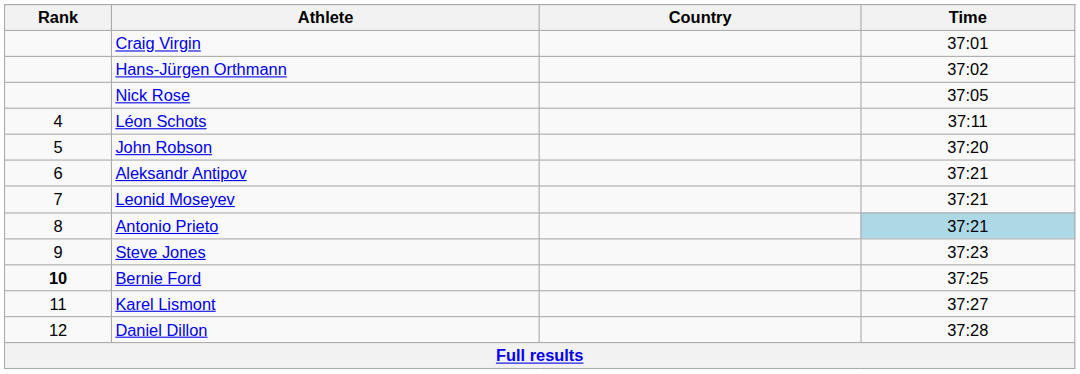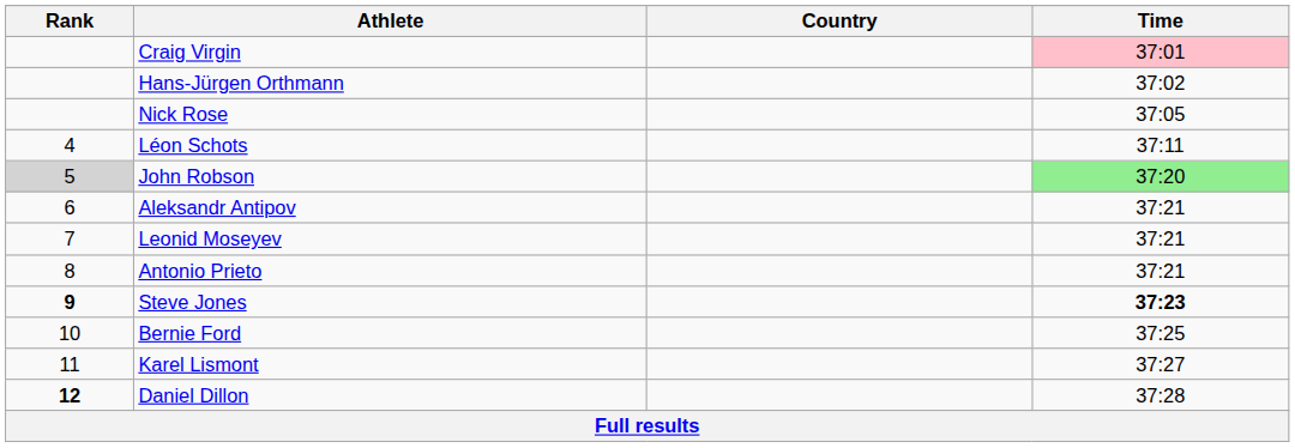 <table class="wikitable sortable" style=" text-align:center; font-size:95%;" width="50%">
 <tr>
 </tr>
 <tr>
 <th width=5%>Rank</th>
 <th width=20%>Athlete</th>
 <th width=15%>Country</th>
 <th width=10%>Time</th>
 </tr>
 <tr>
 <td align=center></td>
 <td align=left><a href='#'>Craig Virgin</a></td>
 <td align=left></td>
-<td>37:01</td>
+<td style="background: pink;">37:01</td>
 </tr>
 <tr>
 <td align=center></td>
 <td align=left><a href='#'>Hans-Jürgen Orthmann</a></td>
 <td align=left></td>
 <td>37:02</td>
 </tr>
 <tr>
 <td align=center></td>
 <td align=left><a href='#'>Nick Rose</a></td>
 <td align=left></td>
 <td>37:05</td>
 </tr>
 <tr>
 <td align=center>4</td>
 <td align=left><a href='#'>Léon Schots</a></td>
 <td align=left></td>
 <td>37:11</td>
 </tr>
 <tr>
-<td align=center>5</td>
+<td align=center style="background: lightgrey;">5</td>
 <td align=left><a href='#'>John Robson</a></td>
 <td align=left></td>
-<td>37:20</td>
+<td style="background: lightgreen;">37:20</td>
 </tr>
 <tr>
 <td align=center>6</td>
 <td align=left><a href='#'>Aleksandr Antipov</a></td>
 <td align=left></td>
 <td>37:21</td>
 </tr>
 <tr>
 <td align=center>7</td>
 <td align=left><a href='#'>Leonid Moseyev</a></td>
 <td align=left></td>
 <td>37:21</td>
 </tr>
 <tr>
 <td align=center>8</td>
 <td align=left><a href='#'>Antonio Prieto</a></td>
 <td align=left></td>
-<td style="background: lightblue;">37:21</td>
+<td>37:21</td>
 </tr>
 <tr>
-<td align=center>9</td>
+<td align=center><strong>9</strong></td>
 <td align=left><a href='#'>Steve Jones</a></td>
 <td align=left></td>
-<td>37:23</td>
+<td><strong>37:23</strong></td>
 </tr>
 <tr>
-<td align=center><strong>10</strong></td>
+<td align=center>10</td>
 <td align=left><a href='#'>Bernie Ford</a></td>
 <td align=left></td>
 <td>37:25</td>
 </tr>
 <tr>
 <td align=center>11</td>
 <td align=left><a href='#'>Karel Lismont</a></td>
 <td align=left></td>
 <td>37:27</td>
 </tr>
 <tr>
-<td align=center>12</td>
+<td align=center><strong>12</strong></td>
 <td align=left><a href='#'>Daniel Dillon</a></td>
 <td align=left></td>
 <td>37:28</td>
 </tr>
 <tr class="sortbottom">
 <th colspan=4 align=center><a href='#'>Full results</a></th>
 </tr>
 </table>
